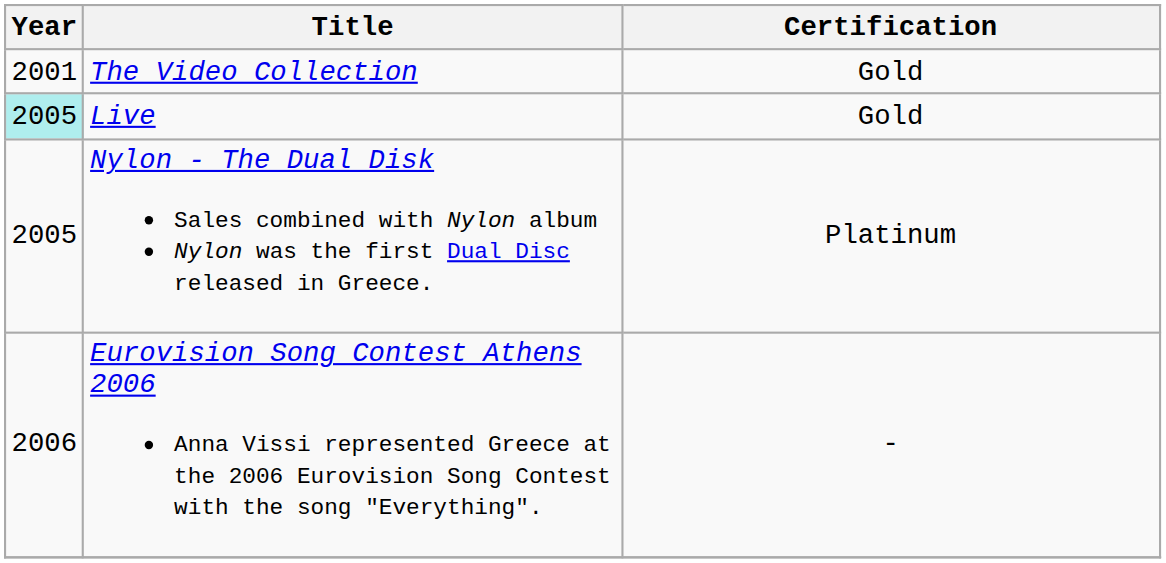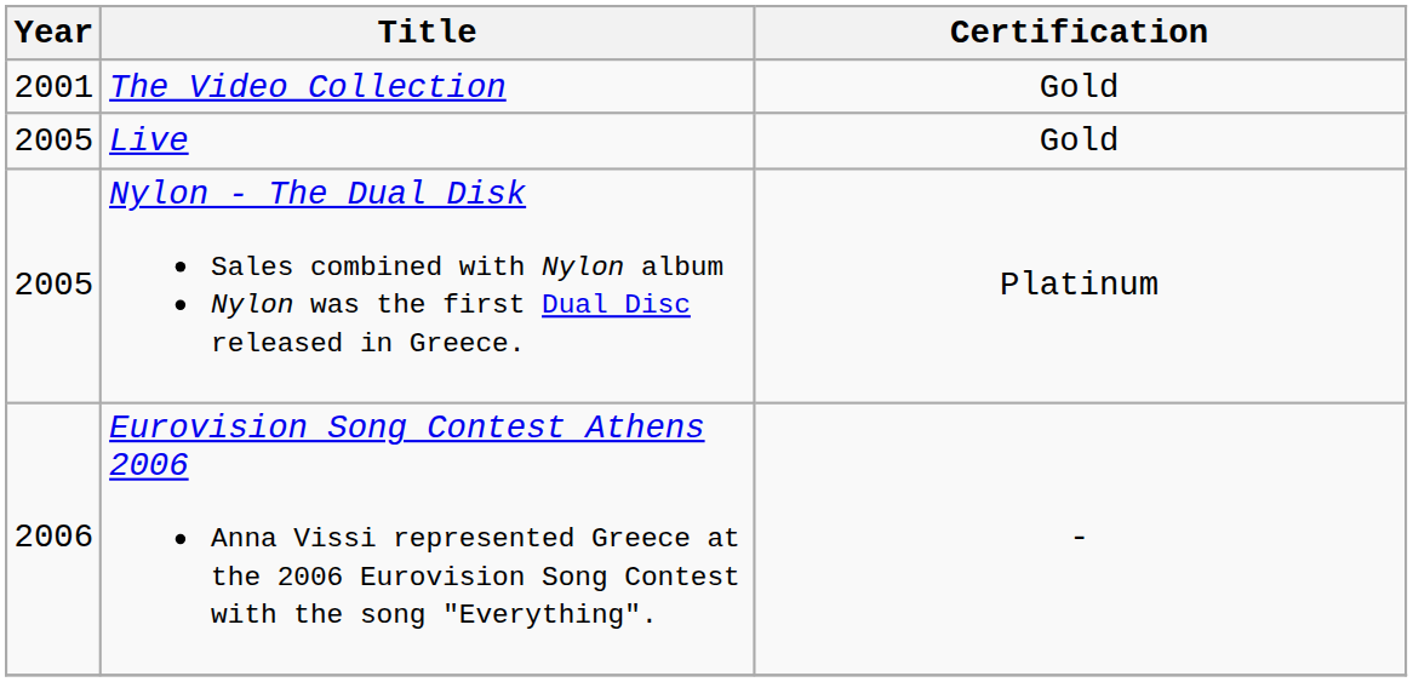 <table class="wikitable"|width=100%>
 <tr>
 <th width="20">Year</th>
 <th width="250">Title</th>
 <th width="250">Certification</th>
 </tr>
 <tr>
 <td>2001</td>
 <td><em><a href='#'>The Video Collection</a></em></td>
 <td align="center">Gold</td>
 </tr>
 <tr>
-<td style="background: paleturquoise;">2005</td>
+<td>2005</td>
 <td><em><a href='#'>Live</a></em>  <br></td>
 <td align="center">Gold</td>
 </tr>
 <tr>
 <td>2005</td>
 <td><em><a href='#'>Nylon - The Dual Disk</a></em><br><ul><li><small>Sales combined with <em>Nylon</em> album</small></li><li><small><em>Nylon</em> was the first <a href='#'>Dual Disc</a> released in Greece.</small></li></ul></td>
 <td align="center">Platinum</td>
 </tr>
 <tr>
 <td>2006</td>
 <td><em><a href='#'>Eurovision Song Contest Athens 2006</a></em><br><ul><li><small>Anna Vissi represented Greece at the 2006 Eurovision Song Contest with the song "Everything".</small></li></ul></td>
 <td align="center">-</td>
 </tr>
 <tr>
 </tr>
 </table>
